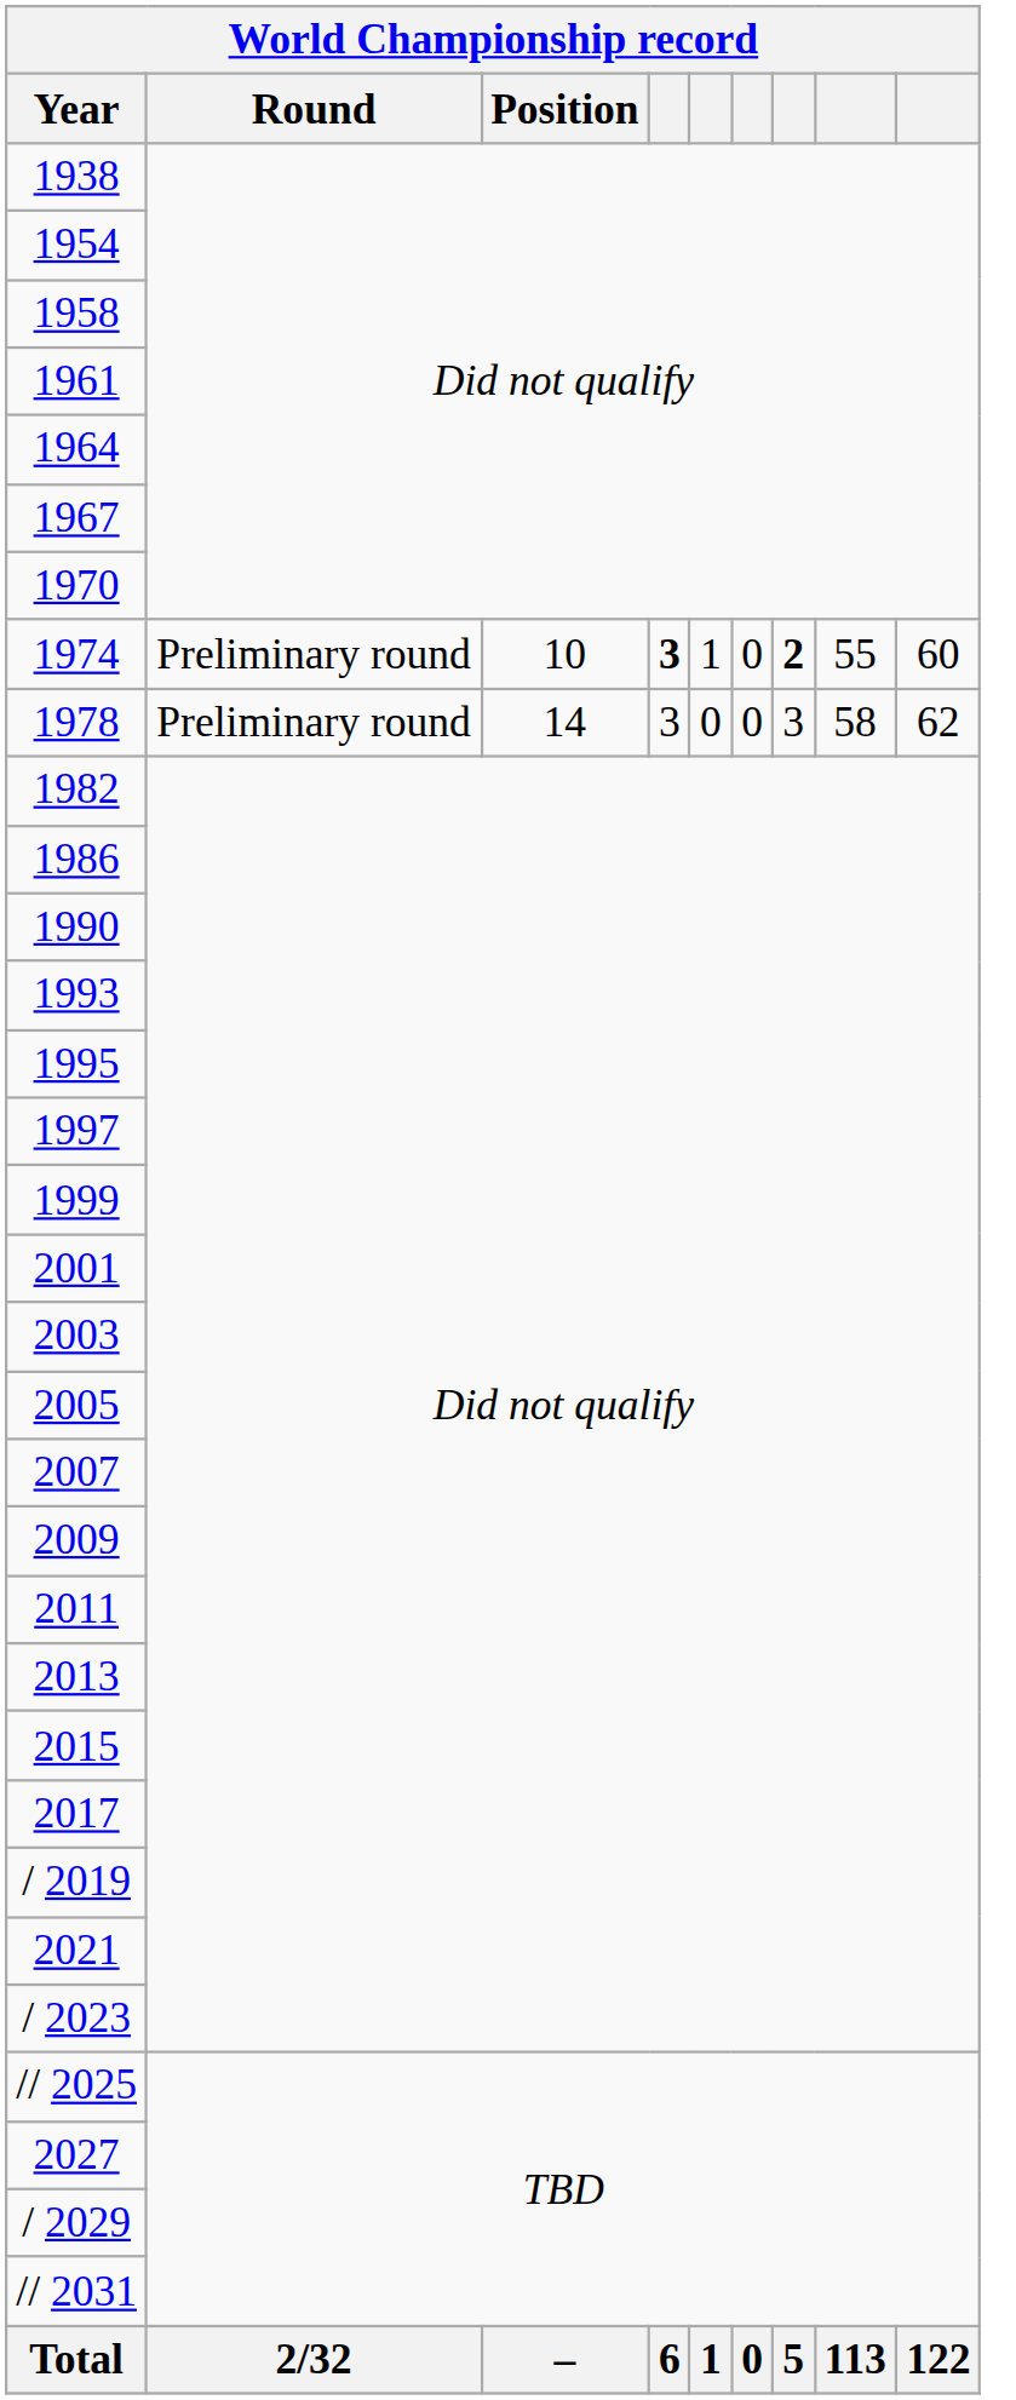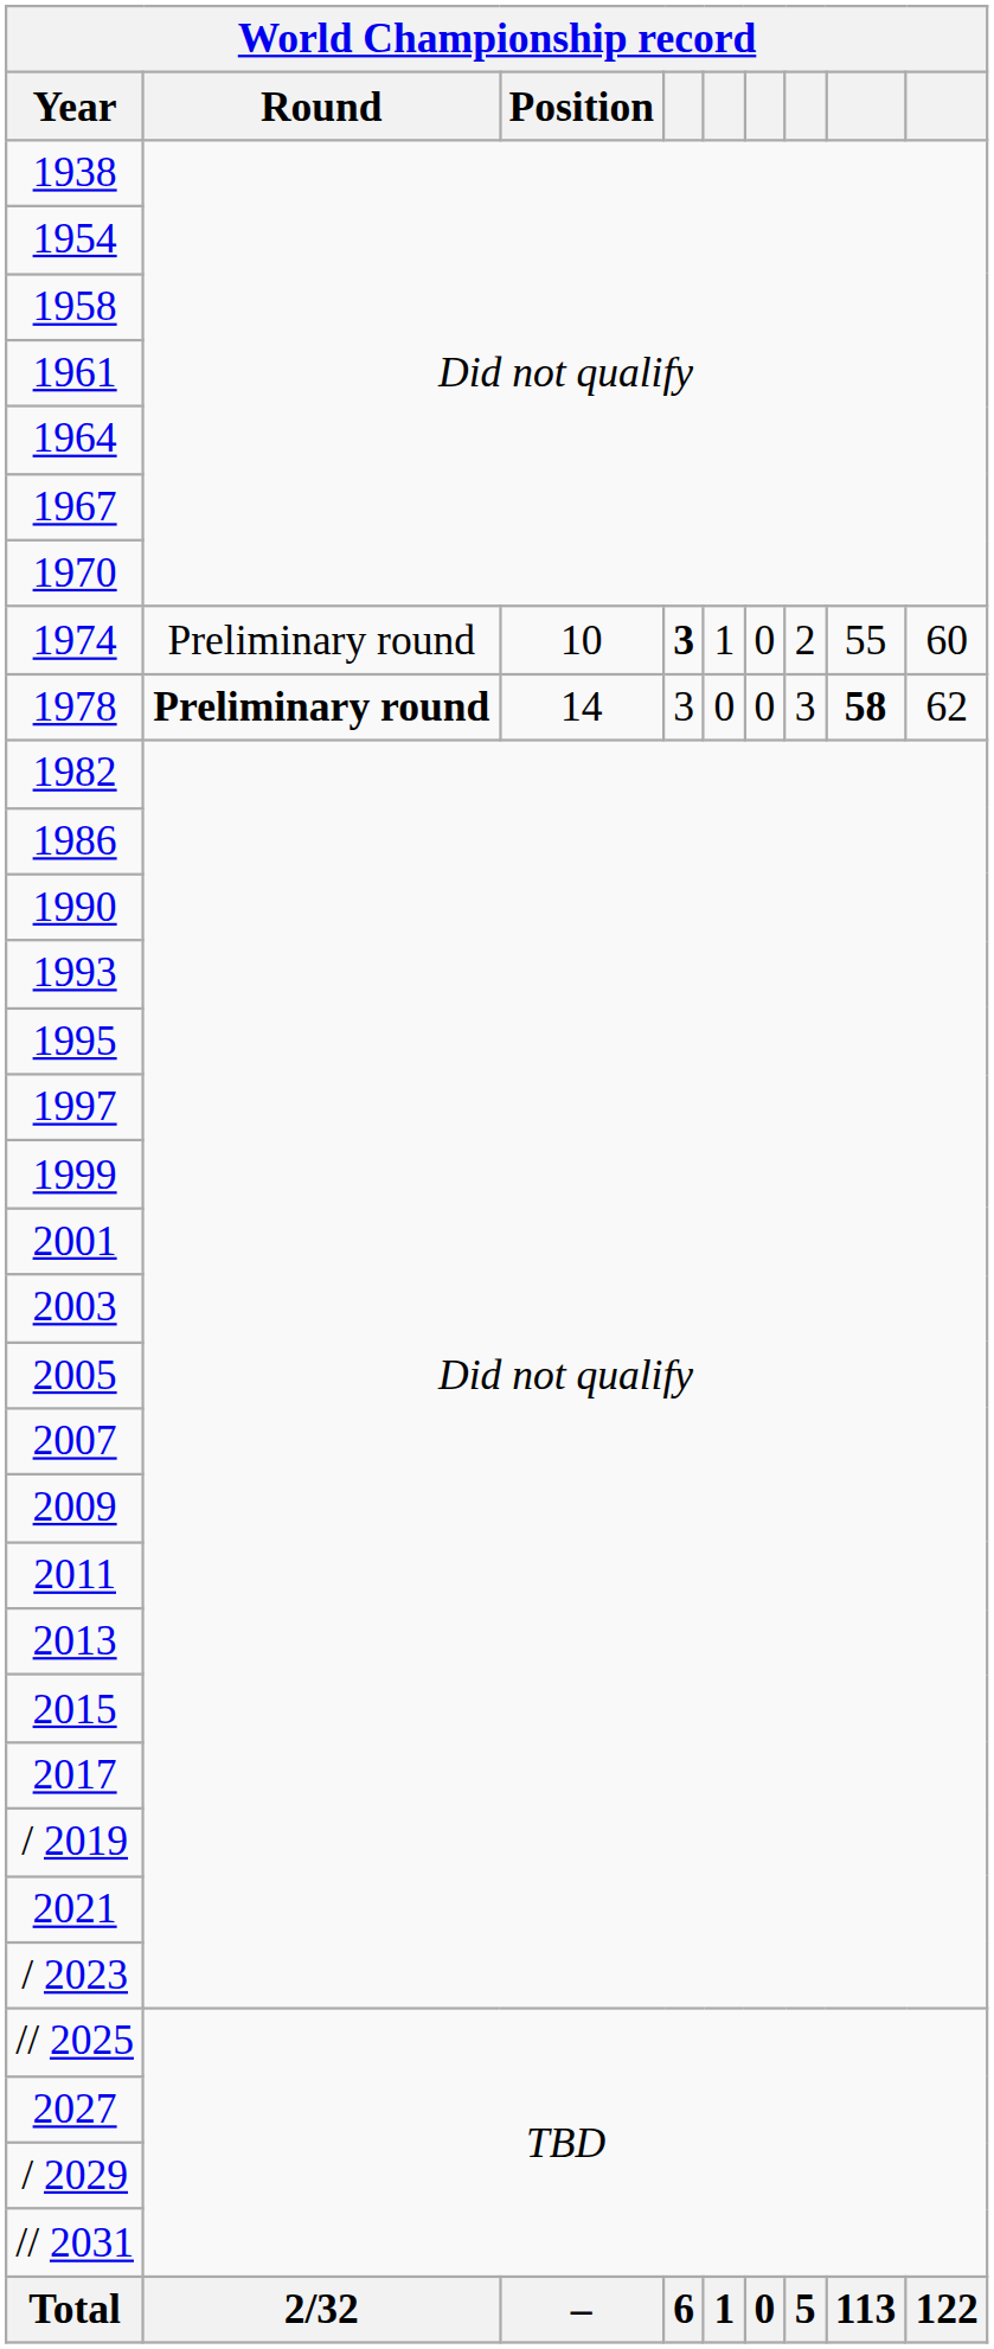 <table class="wikitable" style="text-align: center;">
 <tr>
 <th colspan=9><a href='#'>World Championship record</a></th>
 </tr>
 <tr>
 <th>Year</th>
 <th>Round</th>
 <th>Position</th>
 <th></th>
 <th></th>
 <th></th>
 <th></th>
 <th></th>
 <th></th>
 </tr>
 <tr>
 <td> <a href='#'>1938</a></td>
 <td colspan="8" rowspan="7"><em>Did not qualify</em></td>
 </tr>
 <tr>
 <td> <a href='#'>1954</a></td>
 </tr>
 <tr>
 <td> <a href='#'>1958</a></td>
 </tr>
 <tr>
 <td> <a href='#'>1961</a></td>
 </tr>
 <tr>
 <td> <a href='#'>1964</a></td>
 </tr>
 <tr>
 <td> <a href='#'>1967</a></td>
 </tr>
 <tr>
 <td> <a href='#'>1970</a></td>
 </tr>
 <tr>
 <td> <a href='#'>1974</a></td>
 <td>Preliminary round</td>
 <td>10</td>
 <td><strong>3</strong></td>
 <td>1</td>
 <td>0</td>
-<td><strong>2</strong></td>
+<td>2</td>
 <td>55</td>
 <td>60</td>
 </tr>
 <tr>
 <td> <a href='#'>1978</a></td>
-<td>Preliminary round</td>
+<td><strong>Preliminary round</strong></td>
 <td>14</td>
 <td>3</td>
 <td>0</td>
 <td>0</td>
 <td>3</td>
-<td>58</td>
+<td><strong>58</strong></td>
 <td>62</td>
 </tr>
 <tr>
 <td> <a href='#'>1982</a></td>
 <td colspan="8" rowspan="19"><em>Did not qualify</em></td>
 </tr>
 <tr>
 <td> <a href='#'>1986</a></td>
 </tr>
 <tr>
 <td> <a href='#'>1990</a></td>
 </tr>
 <tr>
 <td> <a href='#'>1993</a></td>
 </tr>
 <tr>
 <td> <a href='#'>1995</a></td>
 </tr>
 <tr>
 <td> <a href='#'>1997</a></td>
 </tr>
 <tr>
 <td> <a href='#'>1999</a></td>
 </tr>
 <tr>
 <td> <a href='#'>2001</a></td>
 </tr>
 <tr>
 <td> <a href='#'>2003</a></td>
 </tr>
 <tr>
 <td> <a href='#'>2005</a></td>
 </tr>
 <tr>
 <td> <a href='#'>2007</a></td>
 </tr>
 <tr>
 <td> <a href='#'>2009</a></td>
 </tr>
 <tr>
 <td> <a href='#'>2011</a></td>
 </tr>
 <tr>
 <td> <a href='#'>2013</a></td>
 </tr>
 <tr>
 <td> <a href='#'>2015</a></td>
 </tr>
 <tr>
 <td> <a href='#'>2017</a></td>
 </tr>
 <tr>
 <td>/ <a href='#'>2019</a></td>
 </tr>
 <tr>
 <td> <a href='#'>2021</a></td>
 </tr>
 <tr>
 <td>/ <a href='#'>2023</a></td>
 </tr>
 <tr>
 <td>// <a href='#'>2025</a></td>
 <td colspan=9 rowspan=4><em>TBD</em></td>
 </tr>
 <tr>
 <td> <a href='#'>2027</a></td>
 </tr>
 <tr>
 <td>/ <a href='#'>2029</a></td>
 </tr>
 <tr>
 <td>// <a href='#'>2031</a></td>
 </tr>
 <tr>
 <th>Total</th>
 <th>2/32</th>
 <th>–</th>
 <th>6</th>
 <th>1</th>
 <th>0</th>
 <th>5</th>
 <th>113</th>
 <th>122</th>
 </tr>
 </table>
